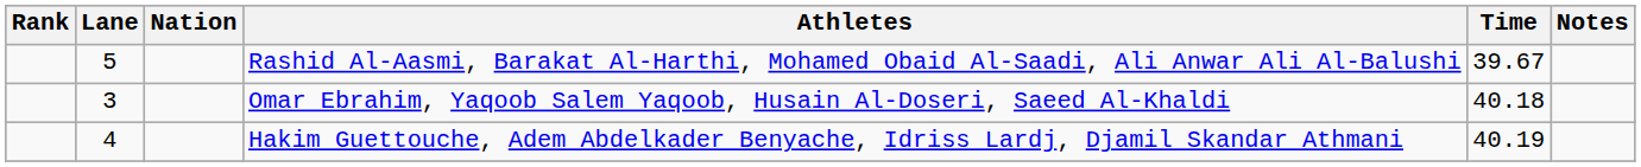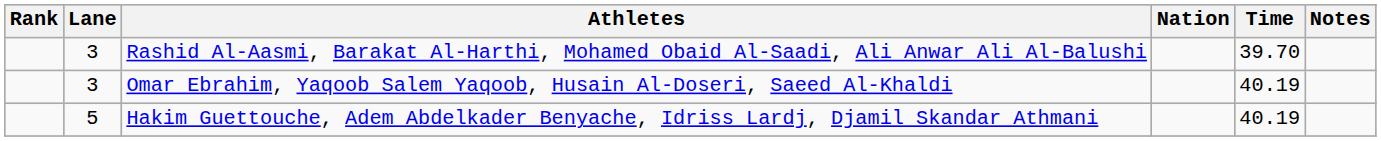 <table class="wikitable sortable" style="text-align:center;font-size:95%">
 <tr>
 <th>Rank</th>
 <th>Lane</th>
+<th>Athletes</th>
 <th>Nation</th>
-<th>Athletes</th>
 <th>Time</th>
 <th>Notes</th>
 </tr>
 <tr>
 <td></td>
-<td>5</td>
+<td>3</td>
+<td align=left><a href='#'>Rashid Al-Aasmi</a>, <a href='#'>Barakat Al-Harthi</a>, <a href='#'>Mohamed Obaid Al-Saadi</a>, <a href='#'>Ali Anwar Ali Al-Balushi</a></td>
 <td align=left></td>
-<td align=left><a href='#'>Rashid Al-Aasmi</a>, <a href='#'>Barakat Al-Harthi</a>, <a href='#'>Mohamed Obaid Al-Saadi</a>, <a href='#'>Ali Anwar Ali Al-Balushi</a></td>
-<td>39.67</td>
+<td>39.70</td>
 <td></td>
 </tr>
 <tr>
 <td></td>
 <td>3</td>
+<td align=left><a href='#'>Omar Ebrahim</a>, <a href='#'>Yaqoob Salem Yaqoob</a>, <a href='#'>Husain Al-Doseri</a>, <a href='#'>Saeed Al-Khaldi</a></td>
 <td align=left></td>
-<td align=left><a href='#'>Omar Ebrahim</a>, <a href='#'>Yaqoob Salem Yaqoob</a>, <a href='#'>Husain Al-Doseri</a>, <a href='#'>Saeed Al-Khaldi</a></td>
-<td>40.18</td>
+<td>40.19</td>
 <td></td>
 </tr>
 <tr>
 <td></td>
-<td>4</td>
+<td>5</td>
+<td align=left><a href='#'>Hakim Guettouche</a>, <a href='#'>Adem Abdelkader Benyache</a>, <a href='#'>Idriss Lardj</a>, <a href='#'>Djamil Skandar Athmani</a></td>
 <td align=left></td>
-<td align=left><a href='#'>Hakim Guettouche</a>, <a href='#'>Adem Abdelkader Benyache</a>, <a href='#'>Idriss Lardj</a>, <a href='#'>Djamil Skandar Athmani</a></td>
 <td>40.19</td>
 <td></td>
 </tr>
 </table>
